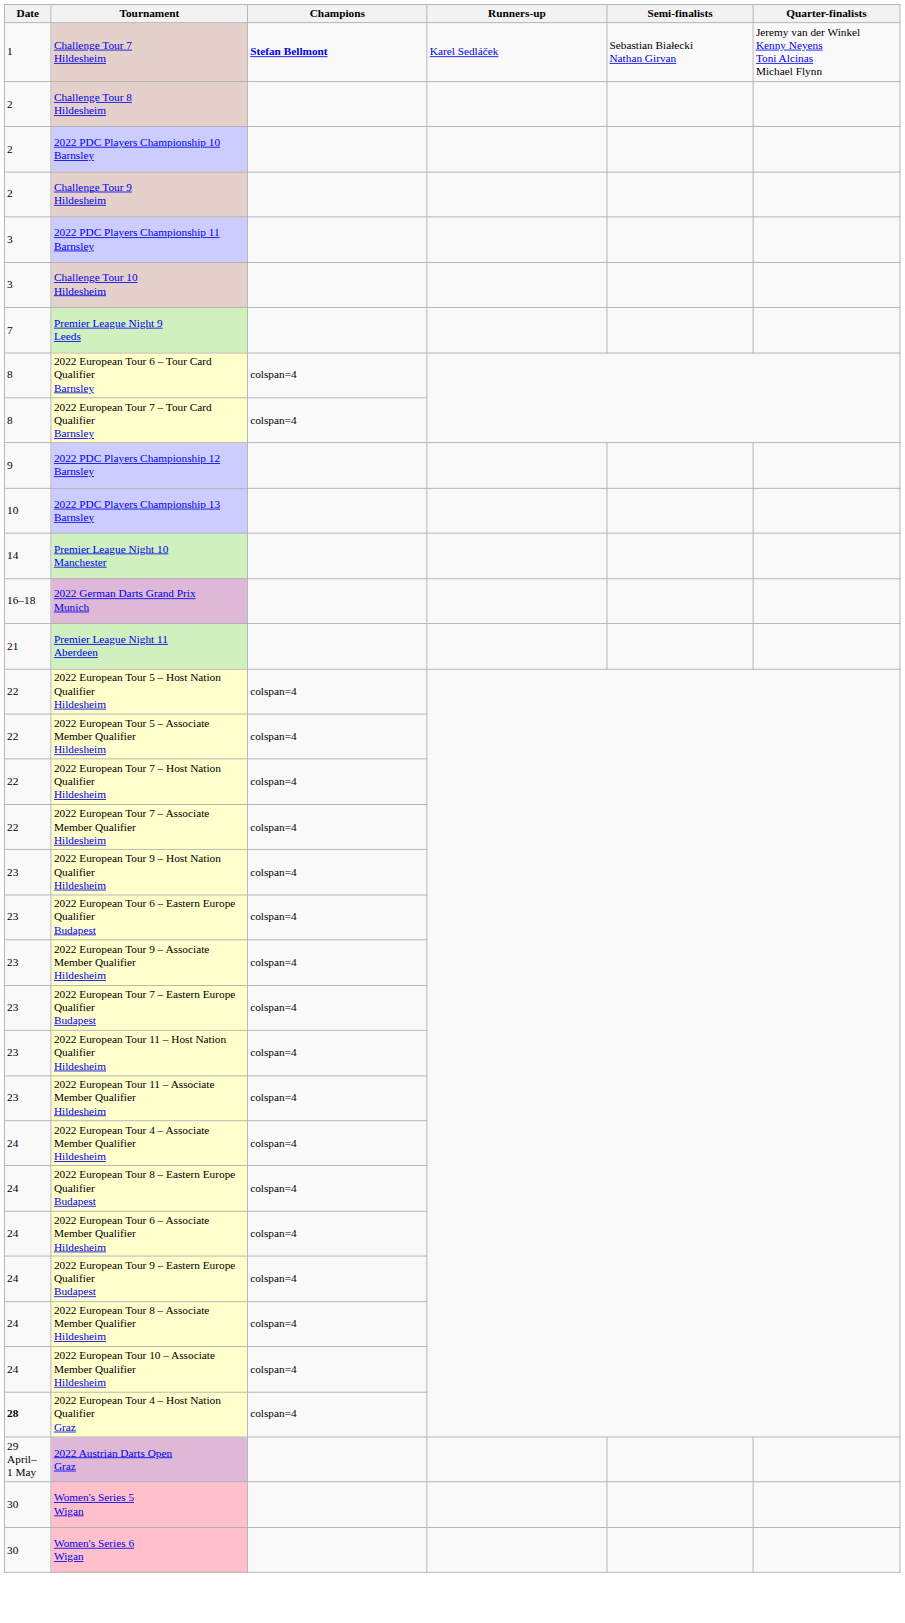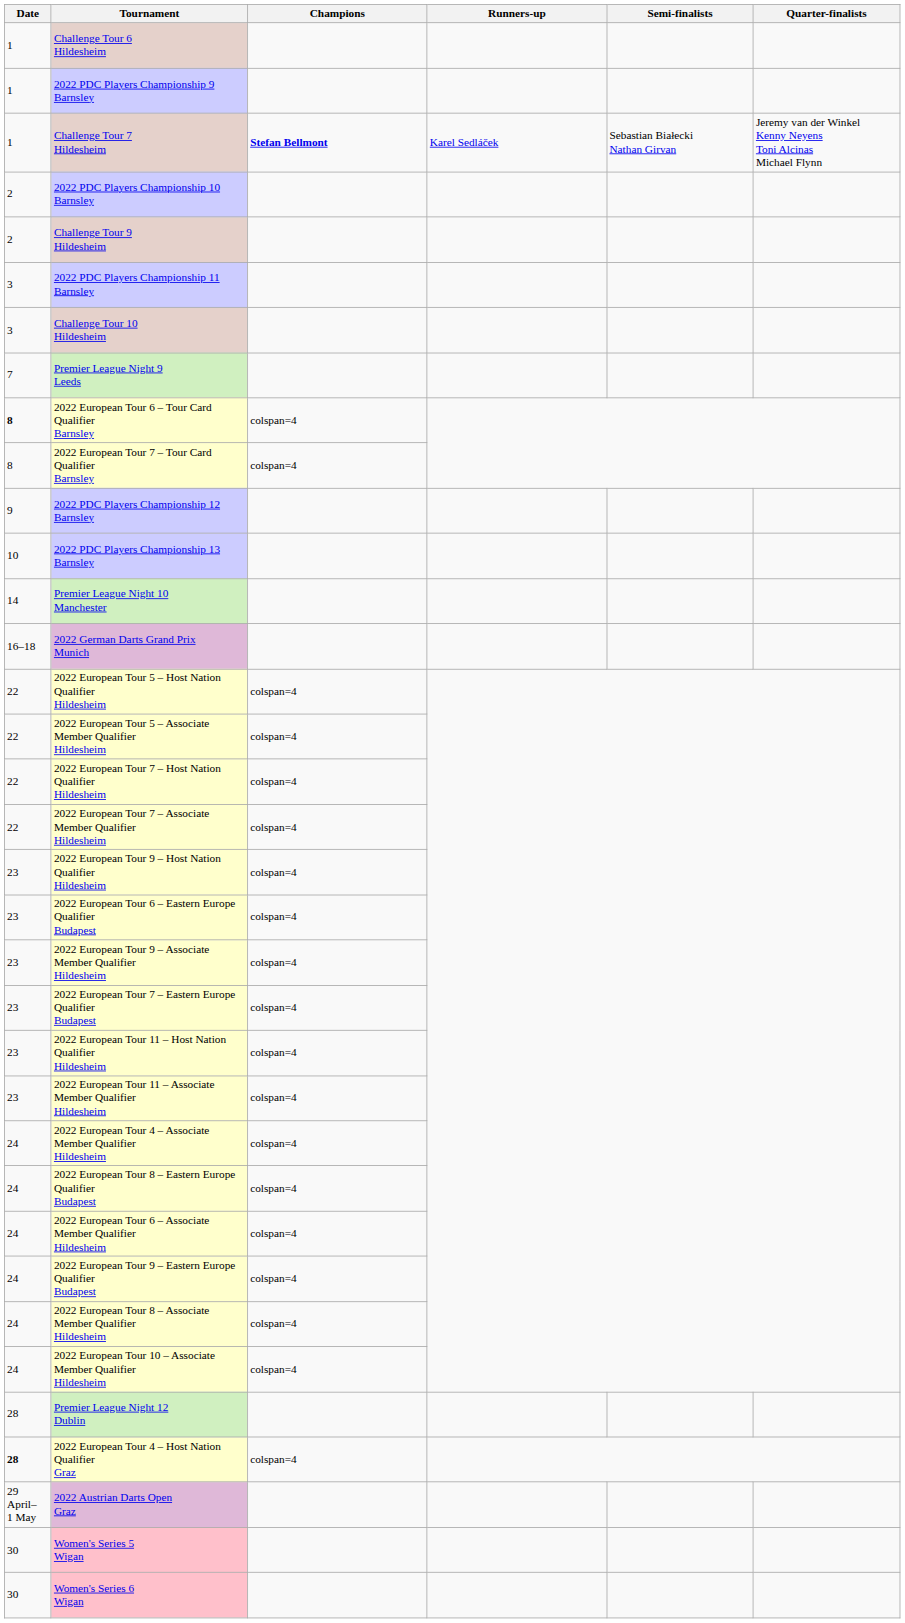 <table class=wikitable style=font-size:85%>
 <tr>
 <th width=50>Date</th>
 <th width=230>Tournament</th>
 <th width=210>Champions</th>
 <th width=210>Runners-up</th>
 <th width=170>Semi-finalists</th>
 <th width=170>Quarter-finalists</th>
 </tr>
 <tr>
 <td>1</td>
+<td bgcolor="#e5d1cb"><a href='#'>Challenge Tour 6</a> <br>  <a href='#'>Hildesheim</a></td>
+<td></td>
+<td></td>
+<td> <br> </td>
+<td> <br>  <br>  <br> </td>
+</tr>
+<tr>
+<td>1</td>
+<td bgcolor="#ccccff"><a href='#'>2022 PDC Players Championship 9</a> <br>  <a href='#'>Barnsley</a></td>
+<td></td>
+<td></td>
+<td> <br> </td>
+<td> <br>  <br>  <br> </td>
+</tr>
+<tr>
+<td>1</td>
 <td bgcolor="#e5d1cb"><a href='#'>Challenge Tour 7</a> <br>  <a href='#'>Hildesheim</a></td>
 <td> <strong><a href='#'>Stefan Bellmont</a></strong></td>
 <td> <a href='#'>Karel Sedláček</a></td>
 <td> Sebastian Białecki <br>  <a href='#'>Nathan Girvan</a></td>
 <td> Jeremy van der Winkel <br>  <a href='#'>Kenny Neyens</a> <br>  <a href='#'>Toni Alcinas</a> <br>  Michael Flynn</td>
-</tr>
-<tr>
-<td>2</td>
-<td bgcolor="#e5d1cb"><a href='#'>Challenge Tour 8</a> <br>  <a href='#'>Hildesheim</a></td>
-<td></td>
-<td></td>
-<td> <br> </td>
-<td> <br>  <br>  <br> </td>
 </tr>
 <tr>
 <td>2</td>
 <td bgcolor="#ccccff"><a href='#'>2022 PDC Players Championship 10</a> <br>  <a href='#'>Barnsley</a></td>
 <td></td>
 <td></td>
 <td> <br> </td>
 <td> <br>  <br>  <br> </td>
 </tr>
 <tr>
 <td>2</td>
 <td bgcolor="#e5d1cb"><a href='#'>Challenge Tour 9</a><br>  <a href='#'>Hildesheim</a></td>
 <td></td>
 <td></td>
 <td> <br> </td>
 <td> <br>  <br>  <br> </td>
 </tr>
 <tr>
 <td>3</td>
 <td bgcolor="#ccccff"><a href='#'>2022 PDC Players Championship 11</a> <br>  <a href='#'>Barnsley</a></td>
 <td></td>
 <td></td>
 <td> <br> </td>
 <td> <br>  <br>  <br> </td>
 </tr>
 <tr>
 <td>3</td>
 <td bgcolor="#e5d1cb"><a href='#'>Challenge Tour 10</a><br>  <a href='#'>Hildesheim</a></td>
 <td></td>
 <td></td>
 <td> <br> </td>
 <td> <br>  <br>  <br> </td>
 </tr>
 <tr>
 <td>7</td>
 <td bgcolor="d0f0c0"><a href='#'>Premier League Night 9</a> <br> <a href='#'>Leeds</a></td>
 <td></td>
 <td></td>
 <td> <br> </td>
 <td> <br>  <br>  <br> </td>
 </tr>
 <tr>
-<td>8</td>
+<td><strong>8</strong></td>
 <td bgcolor="ffffcc">2022 European Tour 6 – Tour Card Qualifier <br> <a href='#'>Barnsley</a></td>
 <td>colspan=4 </td>
 </tr>
 <tr>
 <td>8</td>
 <td bgcolor="ffffcc">2022 European Tour 7 – Tour Card Qualifier <br> <a href='#'>Barnsley</a></td>
 <td>colspan=4 </td>
 </tr>
 <tr>
 <td>9</td>
 <td bgcolor="#ccccff"><a href='#'>2022 PDC Players Championship 12</a> <br>  <a href='#'>Barnsley</a></td>
 <td></td>
 <td></td>
 <td> <br> </td>
 <td> <br>  <br>  <br> </td>
 </tr>
 <tr>
 <td>10</td>
 <td bgcolor="#ccccff"><a href='#'>2022 PDC Players Championship 13</a> <br>  <a href='#'>Barnsley</a></td>
 <td></td>
 <td></td>
 <td> <br> </td>
 <td> <br>  <br>  <br> </td>
 </tr>
 <tr>
 <td>14</td>
 <td bgcolor="d0f0c0"><a href='#'>Premier League Night 10</a> <br> <a href='#'>Manchester</a></td>
 <td></td>
 <td></td>
 <td> <br> </td>
 <td> <br>  <br>  <br> </td>
 </tr>
 <tr>
 <td>16–18</td>
 <td bgcolor="#dfb8d8"><a href='#'>2022 German Darts Grand Prix</a> <br>  <a href='#'>Munich</a></td>
-<td></td>
-<td></td>
-<td> <br> </td>
-<td> <br>  <br>  <br> </td>
-</tr>
-<tr>
-<td>21</td>
-<td bgcolor="d0f0c0"><a href='#'>Premier League Night 11</a> <br> <a href='#'>Aberdeen</a></td>
 <td></td>
 <td></td>
 <td> <br> </td>
 <td> <br>  <br>  <br> </td>
 </tr>
 <tr>
 <td>22</td>
 <td bgcolor="ffffcc">2022 European Tour 5 – Host Nation Qualifier <br> <a href='#'>Hildesheim</a></td>
 <td>colspan=4 </td>
 </tr>
 <tr>
 <td>22</td>
 <td bgcolor="ffffcc">2022 European Tour 5 – Associate Member Qualifier <br> <a href='#'>Hildesheim</a></td>
 <td>colspan=4 </td>
 </tr>
 <tr>
 <td>22</td>
 <td bgcolor="ffffcc">2022 European Tour 7 – Host Nation Qualifier <br> <a href='#'>Hildesheim</a></td>
 <td>colspan=4 </td>
 </tr>
 <tr>
 <td>22</td>
 <td bgcolor="ffffcc">2022 European Tour 7 – Associate Member Qualifier <br> <a href='#'>Hildesheim</a></td>
 <td>colspan=4 </td>
 </tr>
 <tr>
 <td>23</td>
 <td bgcolor="ffffcc">2022 European Tour 9 – Host Nation Qualifier <br> <a href='#'>Hildesheim</a></td>
 <td>colspan=4 </td>
 </tr>
 <tr>
 <td>23</td>
 <td bgcolor="ffffcc">2022 European Tour 6 – Eastern Europe Qualifier <br> <a href='#'>Budapest</a></td>
 <td>colspan=4 </td>
 </tr>
 <tr>
 <td>23</td>
 <td bgcolor="ffffcc">2022 European Tour 9 – Associate Member Qualifier <br> <a href='#'>Hildesheim</a></td>
 <td>colspan=4 </td>
 </tr>
 <tr>
 <td>23</td>
 <td bgcolor="ffffcc">2022 European Tour 7 – Eastern Europe Qualifier <br> <a href='#'>Budapest</a></td>
 <td>colspan=4 </td>
 </tr>
 <tr>
 <td>23</td>
 <td bgcolor="ffffcc">2022 European Tour 11 – Host Nation Qualifier <br> <a href='#'>Hildesheim</a></td>
 <td>colspan=4 </td>
 </tr>
 <tr>
 <td>23</td>
 <td bgcolor="ffffcc">2022 European Tour 11 – Associate Member Qualifier <br> <a href='#'>Hildesheim</a></td>
 <td>colspan=4 </td>
 </tr>
 <tr>
 <td>24</td>
 <td bgcolor="ffffcc">2022 European Tour 4 – Associate Member Qualifier <br> <a href='#'>Hildesheim</a></td>
 <td>colspan=4 </td>
 </tr>
 <tr>
 <td>24</td>
 <td bgcolor="ffffcc">2022 European Tour 8 – Eastern Europe Qualifier <br> <a href='#'>Budapest</a></td>
 <td>colspan=4 </td>
 </tr>
 <tr>
 <td>24</td>
 <td bgcolor="ffffcc">2022 European Tour 6 – Associate Member Qualifier <br> <a href='#'>Hildesheim</a></td>
 <td>colspan=4 </td>
 </tr>
 <tr>
 <td>24</td>
 <td bgcolor="ffffcc">2022 European Tour 9 – Eastern Europe Qualifier <br> <a href='#'>Budapest</a></td>
 <td>colspan=4 </td>
 </tr>
 <tr>
 <td>24</td>
 <td bgcolor="ffffcc">2022 European Tour 8 – Associate Member Qualifier <br> <a href='#'>Hildesheim</a></td>
 <td>colspan=4 </td>
 </tr>
 <tr>
 <td>24</td>
 <td bgcolor="ffffcc">2022 European Tour 10 – Associate Member Qualifier <br> <a href='#'>Hildesheim</a></td>
 <td>colspan=4 </td>
 </tr>
 <tr>
+<td>28</td>
+<td bgcolor="d0f0c0"><a href='#'>Premier League Night 12</a> <br> <a href='#'>Dublin</a></td>
+<td></td>
+<td></td>
+<td> <br> </td>
+<td> <br>  <br>  <br> </td>
+</tr>
+<tr>
 <td><strong>28</strong></td>
 <td bgcolor="ffffcc">2022 European Tour 4 – Host Nation Qualifier <br> <a href='#'>Graz</a></td>
 <td>colspan=4 </td>
 </tr>
 <tr>
 <td>29 April–<br>1 May</td>
 <td bgcolor="#dfb8d8"><a href='#'>2022 Austrian Darts Open</a> <br>  <a href='#'>Graz</a></td>
 <td></td>
 <td></td>
 <td> <br> </td>
 <td> <br>  <br>  <br> </td>
 </tr>
 <tr>
 <td>30</td>
 <td bgcolor="#ffc0cb"><a href='#'>Women's Series 5</a> <br>  <a href='#'>Wigan</a></td>
 <td></td>
 <td></td>
 <td> <br> </td>
 <td> <br>  <br>  <br> </td>
 </tr>
 <tr>
 <td>30</td>
 <td bgcolor="#ffc0cb"><a href='#'>Women's Series 6</a> <br>  <a href='#'>Wigan</a></td>
 <td></td>
 <td></td>
 <td> <br> </td>
 <td> <br>  <br>  <br> </td>
 </tr>
 </table>
